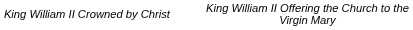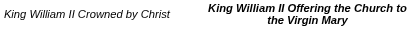 <table class="graytable" width="50%"|center>
 <tr>
 <td width="25%"></td>
 <td width="25%"></td>
 </tr>
 <tr>
 <td align="center"><em>King William II Crowned by Christ</em></td>
-<td align="center"><em>King William II Offering the Church to the Virgin Mary</em></td>
+<td align="center"><strong><em>King William II Offering the Church to the Virgin Mary</em></strong></td>
 </tr>
 </table>
